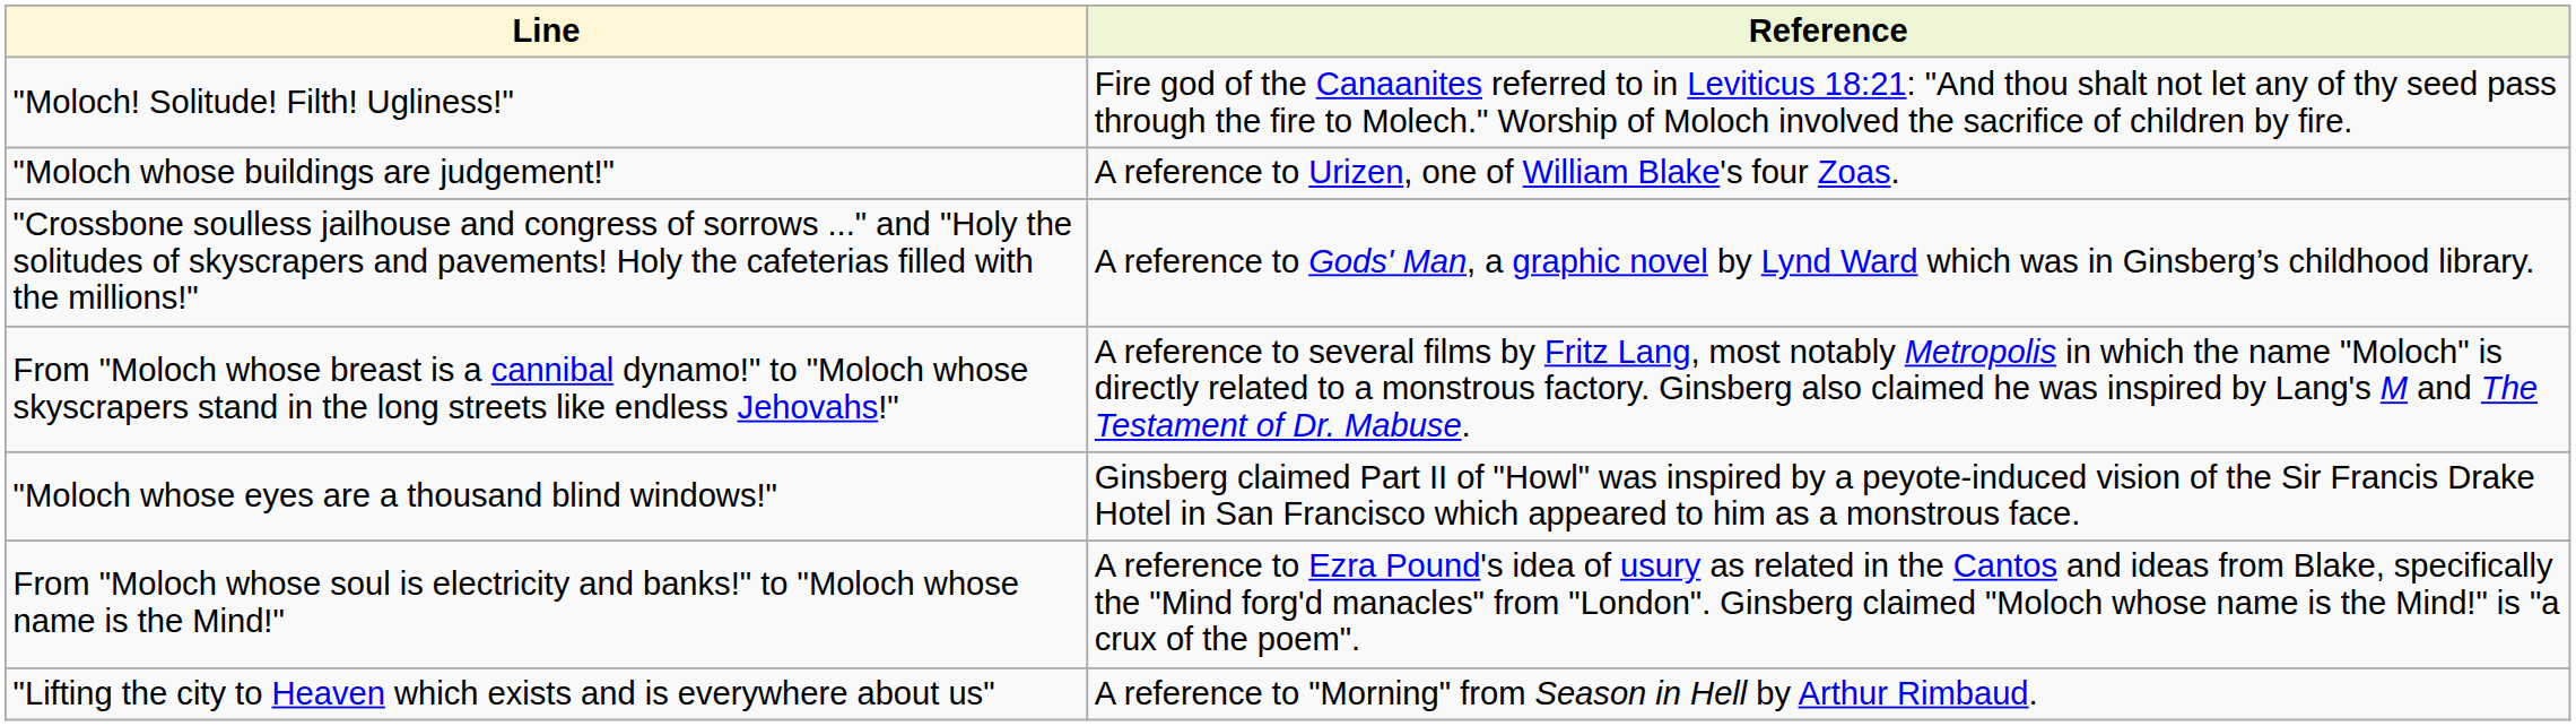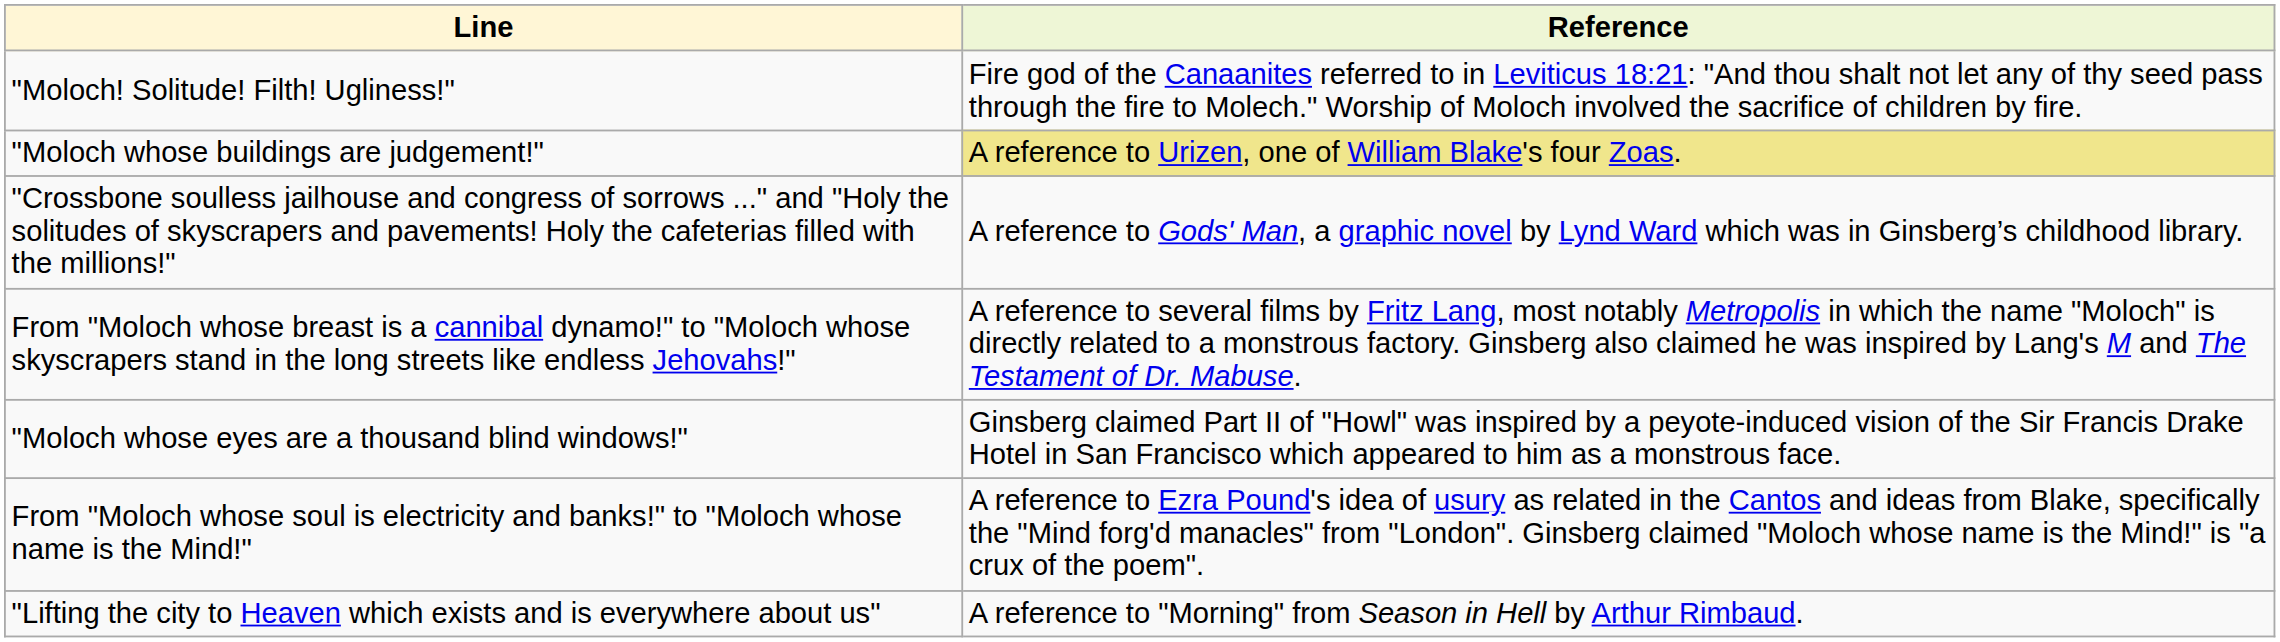 <table class="wikitable">
 <tr>
 <th style="background:#FFF6D6;">Line</th>
 <th colspan="2" style="background:#EEF6D6;">Reference</th>
 </tr>
 <tr>
 <td>"Moloch! Solitude! Filth! Ugliness!"</td>
 <td>Fire god of the <a href='#'>Canaanites</a> referred to in <a href='#'>Leviticus 18:21</a>: "And thou shalt not let any of thy seed pass through the fire to Molech." Worship of Moloch involved the sacrifice of children by fire.</td>
 </tr>
 <tr>
 <td>"Moloch whose buildings are judgement!"</td>
-<td>A reference to <a href='#'>Urizen</a>, one of <a href='#'>William Blake</a>'s four <a href='#'>Zoas</a>.</td>
+<td style="background: khaki;">A reference to <a href='#'>Urizen</a>, one of <a href='#'>William Blake</a>'s four <a href='#'>Zoas</a>.</td>
 </tr>
 <tr>
 <td>"Crossbone soulless jailhouse and congress of sorrows ..." and "Holy the solitudes of skyscrapers and pavements! Holy the cafeterias filled with the millions!"</td>
 <td>A reference to <em><a href='#'>Gods' Man</a></em>, a <a href='#'>graphic novel</a> by <a href='#'>Lynd Ward</a> which was in Ginsberg’s childhood library.</td>
 </tr>
 <tr>
 <td>From "Moloch whose breast is a <a href='#'>cannibal</a> dynamo!" to "Moloch whose skyscrapers stand in the long streets like endless <a href='#'>Jehovahs</a>!"</td>
 <td>A reference to several films by <a href='#'>Fritz Lang</a>, most notably <em><a href='#'>Metropolis</a></em> in which the name "Moloch" is directly related to a monstrous factory. Ginsberg also claimed he was inspired by Lang's <a href='#'><em>M</em></a> and <em><a href='#'>The Testament of Dr. Mabuse</a></em>.</td>
 </tr>
 <tr>
 <td>"Moloch whose eyes are a thousand blind windows!"</td>
 <td>Ginsberg claimed Part II of "Howl" was inspired by a peyote-induced vision of the Sir Francis Drake Hotel in San Francisco which appeared to him as a monstrous face.</td>
 </tr>
 <tr>
 <td>From "Moloch whose soul is electricity and banks!" to "Moloch whose name is the Mind!"</td>
 <td>A reference to <a href='#'>Ezra Pound</a>'s idea of <a href='#'>usury</a> as related in the <a href='#'>Cantos</a> and ideas from Blake, specifically the "Mind forg'd manacles" from "London". Ginsberg claimed "Moloch whose name is the Mind!" is "a crux of the poem".</td>
 </tr>
 <tr>
 <td>"Lifting the city to <a href='#'>Heaven</a> which exists and is everywhere about us"</td>
 <td>A reference to "Morning" from <em>Season in Hell</em> by <a href='#'>Arthur Rimbaud</a>.</td>
 </tr>
 </table>
